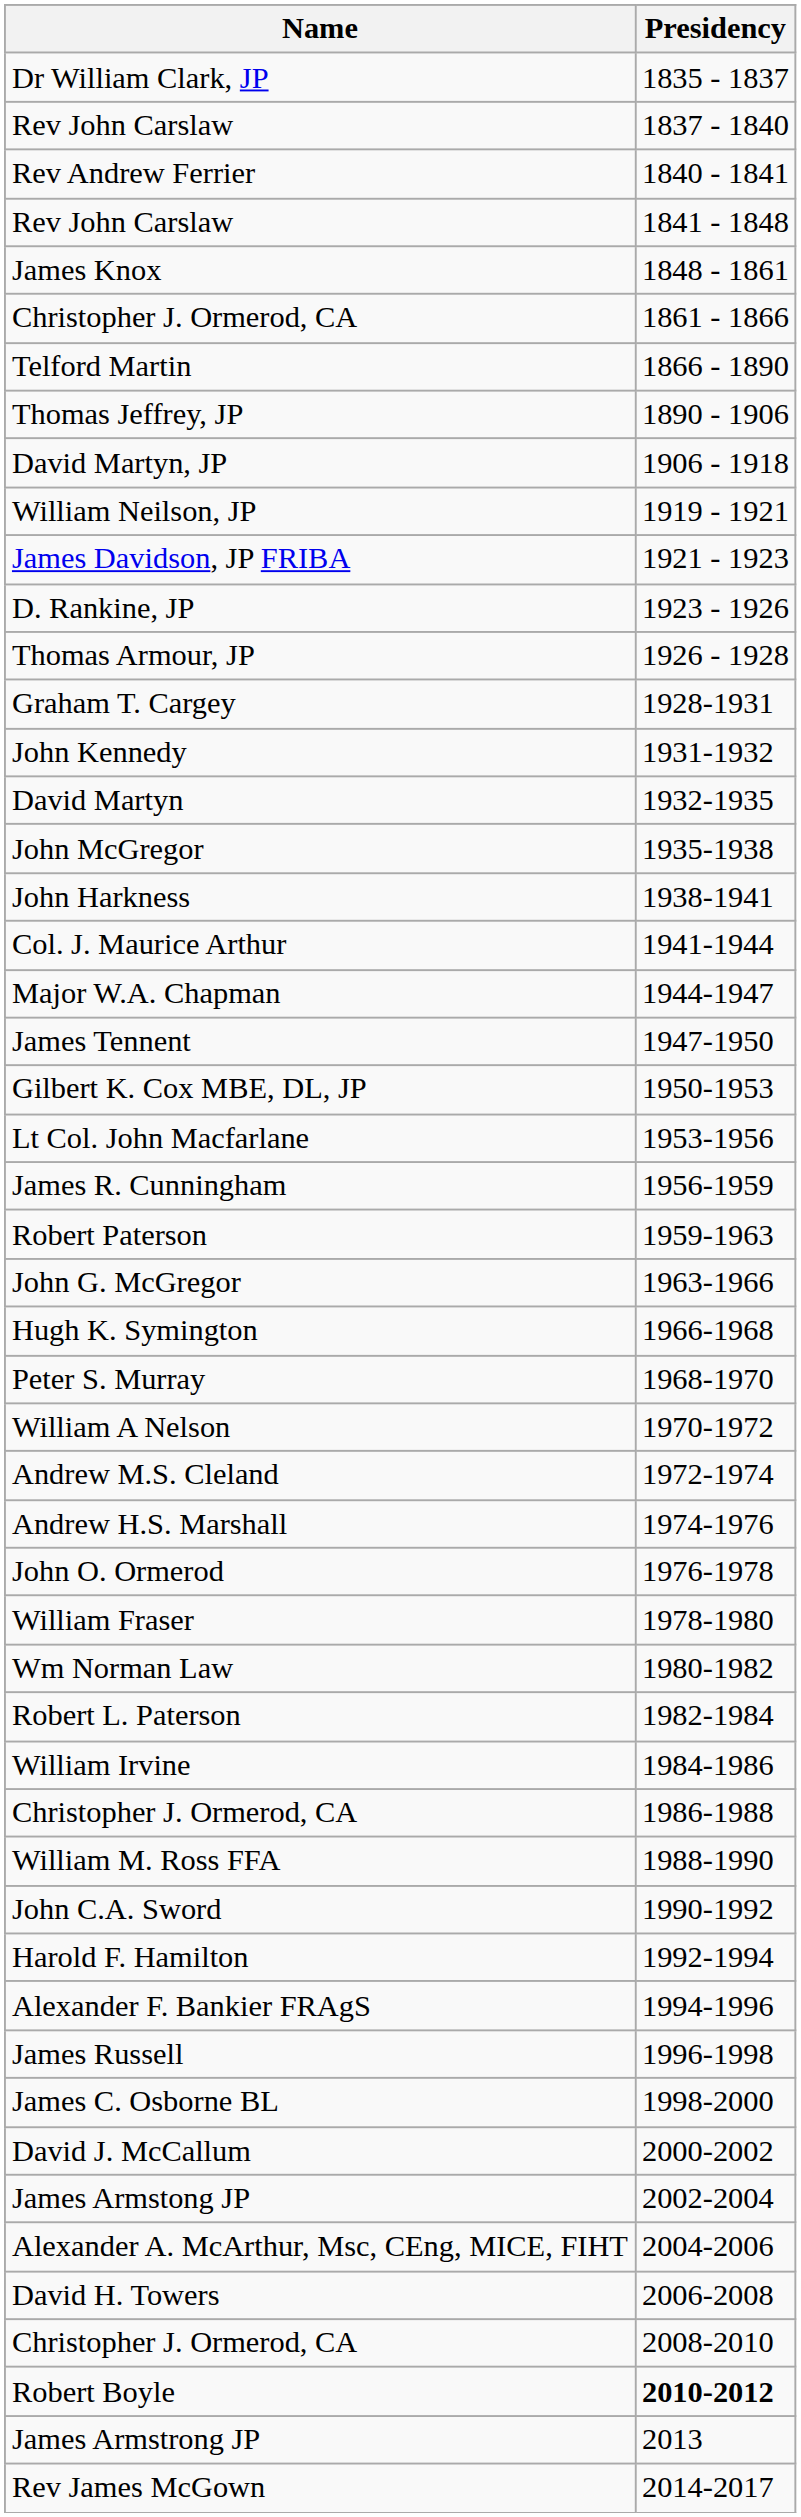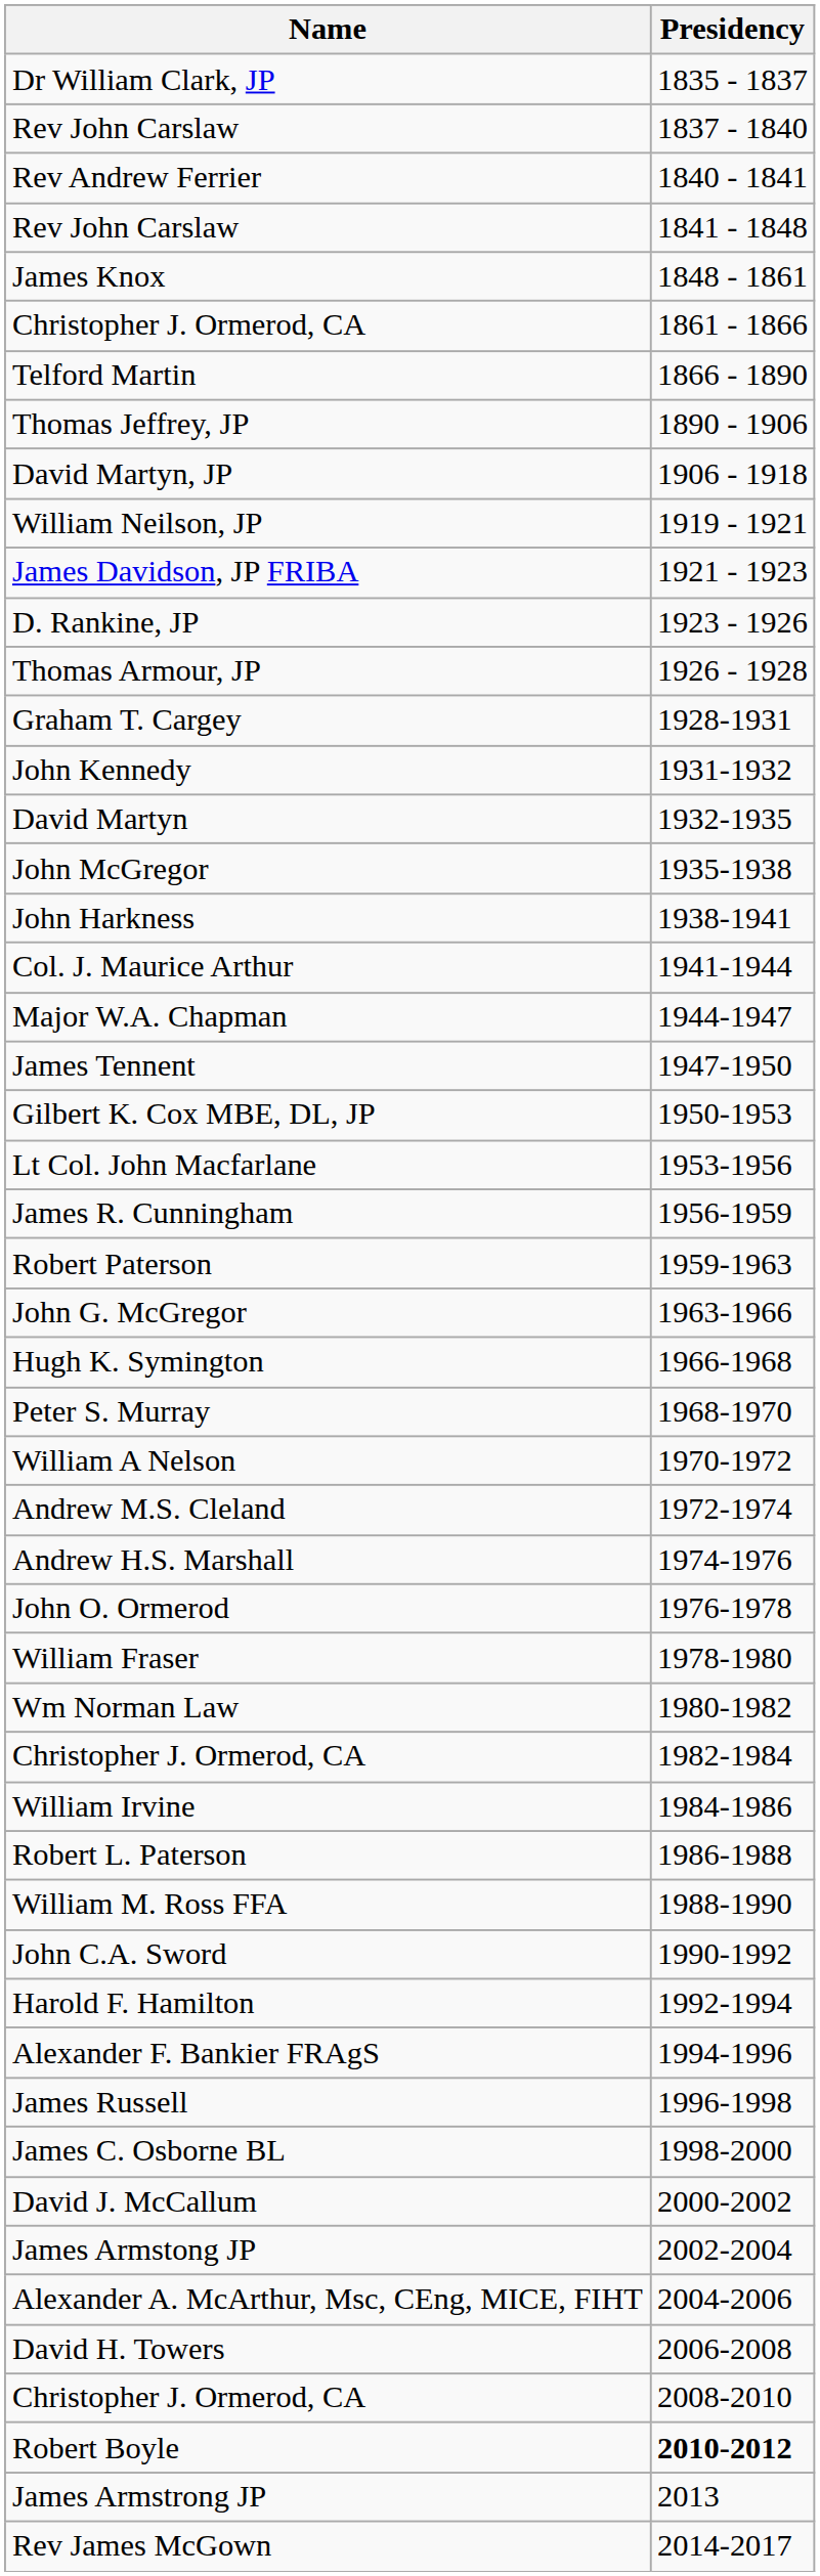 <table class="wikitable">
 <tr>
 <th>Name</th>
 <th>Presidency</th>
 </tr>
 <tr>
 <td>Dr William Clark, <a href='#'>JP</a></td>
 <td>1835 - 1837</td>
 </tr>
 <tr>
 <td>Rev John Carslaw</td>
 <td>1837 - 1840</td>
 </tr>
 <tr>
 <td>Rev Andrew Ferrier</td>
 <td>1840 - 1841</td>
 </tr>
 <tr>
 <td>Rev John Carslaw</td>
 <td>1841 - 1848</td>
 </tr>
 <tr>
 <td>James Knox</td>
 <td>1848 - 1861</td>
 </tr>
 <tr>
 <td>Christopher J. Ormerod, CA</td>
 <td>1861 - 1866</td>
 </tr>
 <tr>
 <td>Telford Martin</td>
 <td>1866 - 1890</td>
 </tr>
 <tr>
 <td>Thomas Jeffrey, JP</td>
 <td>1890 - 1906</td>
 </tr>
 <tr>
 <td>David Martyn, JP</td>
 <td>1906 - 1918</td>
 </tr>
 <tr>
 <td>William Neilson, JP</td>
 <td>1919 - 1921</td>
 </tr>
 <tr>
 <td><a href='#'>James Davidson</a>, JP <a href='#'>FRIBA</a></td>
 <td>1921 - 1923</td>
 </tr>
 <tr>
 <td>D. Rankine, JP</td>
 <td>1923 - 1926</td>
 </tr>
 <tr>
 <td>Thomas Armour, JP</td>
 <td>1926 - 1928</td>
 </tr>
 <tr>
 <td>Graham T. Cargey</td>
 <td>1928-1931</td>
 </tr>
 <tr>
 <td>John Kennedy</td>
 <td>1931-1932</td>
 </tr>
 <tr>
 <td>David Martyn</td>
 <td>1932-1935</td>
 </tr>
 <tr>
 <td>John McGregor</td>
 <td>1935-1938</td>
 </tr>
 <tr>
 <td>John Harkness</td>
 <td>1938-1941</td>
 </tr>
 <tr>
 <td>Col. J. Maurice Arthur</td>
 <td>1941-1944</td>
 </tr>
 <tr>
 <td>Major W.A. Chapman</td>
 <td>1944-1947</td>
 </tr>
 <tr>
 <td>James Tennent</td>
 <td>1947-1950</td>
 </tr>
 <tr>
 <td>Gilbert K. Cox MBE, DL, JP</td>
 <td>1950-1953</td>
 </tr>
 <tr>
 <td>Lt Col. John Macfarlane</td>
 <td>1953-1956</td>
 </tr>
 <tr>
 <td>James R. Cunningham</td>
 <td>1956-1959</td>
 </tr>
 <tr>
 <td>Robert Paterson</td>
 <td>1959-1963</td>
 </tr>
 <tr>
 <td>John G. McGregor</td>
 <td>1963-1966</td>
 </tr>
 <tr>
 <td>Hugh K. Symington</td>
 <td>1966-1968</td>
 </tr>
 <tr>
 <td>Peter S. Murray</td>
 <td>1968-1970</td>
 </tr>
 <tr>
 <td>William A Nelson</td>
 <td>1970-1972</td>
 </tr>
 <tr>
 <td>Andrew M.S. Cleland</td>
 <td>1972-1974</td>
 </tr>
 <tr>
 <td>Andrew H.S. Marshall</td>
 <td>1974-1976</td>
 </tr>
 <tr>
 <td>John O. Ormerod</td>
 <td>1976-1978</td>
 </tr>
 <tr>
 <td>William Fraser</td>
 <td>1978-1980</td>
 </tr>
 <tr>
 <td>Wm Norman Law</td>
 <td>1980-1982</td>
 </tr>
 <tr>
-<td>Robert L. Paterson</td>
+<td>Christopher J. Ormerod, CA</td>
 <td>1982-1984</td>
 </tr>
 <tr>
 <td>William Irvine</td>
 <td>1984-1986</td>
 </tr>
 <tr>
-<td>Christopher J. Ormerod, CA</td>
+<td>Robert L. Paterson</td>
 <td>1986-1988</td>
 </tr>
 <tr>
 <td>William M. Ross FFA</td>
 <td>1988-1990</td>
 </tr>
 <tr>
 <td>John C.A. Sword</td>
 <td>1990-1992</td>
 </tr>
 <tr>
 <td>Harold F. Hamilton</td>
 <td>1992-1994</td>
 </tr>
 <tr>
 <td>Alexander F. Bankier FRAgS</td>
 <td>1994-1996</td>
 </tr>
 <tr>
 <td>James Russell</td>
 <td>1996-1998</td>
 </tr>
 <tr>
 <td>James C. Osborne BL</td>
 <td>1998-2000</td>
 </tr>
 <tr>
 <td>David J. McCallum</td>
 <td>2000-2002</td>
 </tr>
 <tr>
 <td>James Armstong JP</td>
 <td>2002-2004</td>
 </tr>
 <tr>
 <td>Alexander A. McArthur, Msc, CEng, MICE, FIHT</td>
 <td>2004-2006</td>
 </tr>
 <tr>
 <td>David H. Towers</td>
 <td>2006-2008</td>
 </tr>
 <tr>
 <td>Christopher J. Ormerod, CA</td>
 <td>2008-2010</td>
 </tr>
 <tr>
 <td>Robert Boyle</td>
 <td><strong>2010-2012</strong></td>
 </tr>
 <tr>
 <td>James Armstrong JP</td>
 <td>2013</td>
 </tr>
 <tr>
 <td>Rev James McGown</td>
 <td>2014-2017</td>
 </tr>
 </table>
